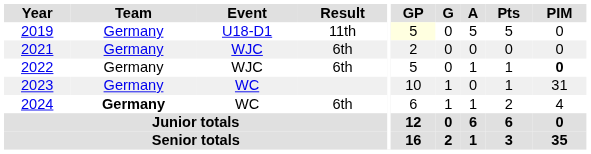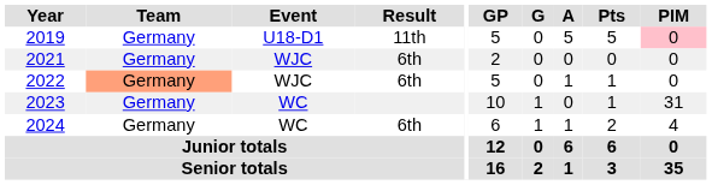 <table border="0" cellpadding="1" cellspacing="0" ID="Table3" style="text-align:center; width:40em;">
 <tr bgcolor="#e0e0e0">
 <th>Year</th>
 <th>Team</th>
 <th>Event</th>
 <th>Result</th>
 <th rowspan="99" bgcolor="#fff"></th>
 <th>GP</th>
 <th>G</th>
 <th>A</th>
 <th>Pts</th>
 <th>PIM</th>
 </tr>
 <tr>
 <td><a href='#'>2019</a></td>
 <td><a href='#'>Germany</a></td>
 <td><a href='#'>U18-D1</a></td>
 <td>11th</td>
-<td style="background: lightyellow;">5</td>
+<td>5</td>
 <td>0</td>
 <td>5</td>
 <td>5</td>
-<td>0</td>
+<td style="background: pink;">0</td>
 </tr>
 <tr bgcolor="#f0f0f0">
 <td><a href='#'>2021</a></td>
 <td><a href='#'>Germany</a></td>
 <td><a href='#'>WJC</a></td>
 <td>6th</td>
 <td>2</td>
 <td>0</td>
 <td>0</td>
 <td>0</td>
 <td>0</td>
 </tr>
 <tr>
 <td><a href='#'>2022</a></td>
-<td>Germany</td>
+<td style="background: lightsalmon;">Germany</td>
 <td>WJC</td>
 <td>6th</td>
 <td>5</td>
 <td>0</td>
 <td>1</td>
 <td>1</td>
-<td><strong>0</strong></td>
+<td>0</td>
 </tr>
 <tr bgcolor="#f0f0f0">
 <td><a href='#'>2023</a></td>
 <td><a href='#'>Germany</a></td>
 <td><a href='#'>WC</a></td>
 <td></td>
 <td>10</td>
 <td>1</td>
 <td>0</td>
 <td>1</td>
 <td>31</td>
 </tr>
 <tr>
 <td><a href='#'>2024</a></td>
-<td><strong>Germany</strong></td>
+<td>Germany</td>
 <td>WC</td>
 <td>6th</td>
 <td>6</td>
 <td>1</td>
 <td>1</td>
 <td>2</td>
 <td>4</td>
 </tr>
 <tr bgcolor="#e0e0e0">
 <th colspan="4">Junior totals</th>
 <th>12</th>
 <th>0</th>
 <th>6</th>
 <th>6</th>
 <th>0</th>
 </tr>
 <tr bgcolor="#e0e0e0">
 <th colspan="4">Senior totals</th>
 <th>16</th>
 <th>2</th>
 <th>1</th>
 <th>3</th>
 <th>35</th>
 </tr>
 </table>
